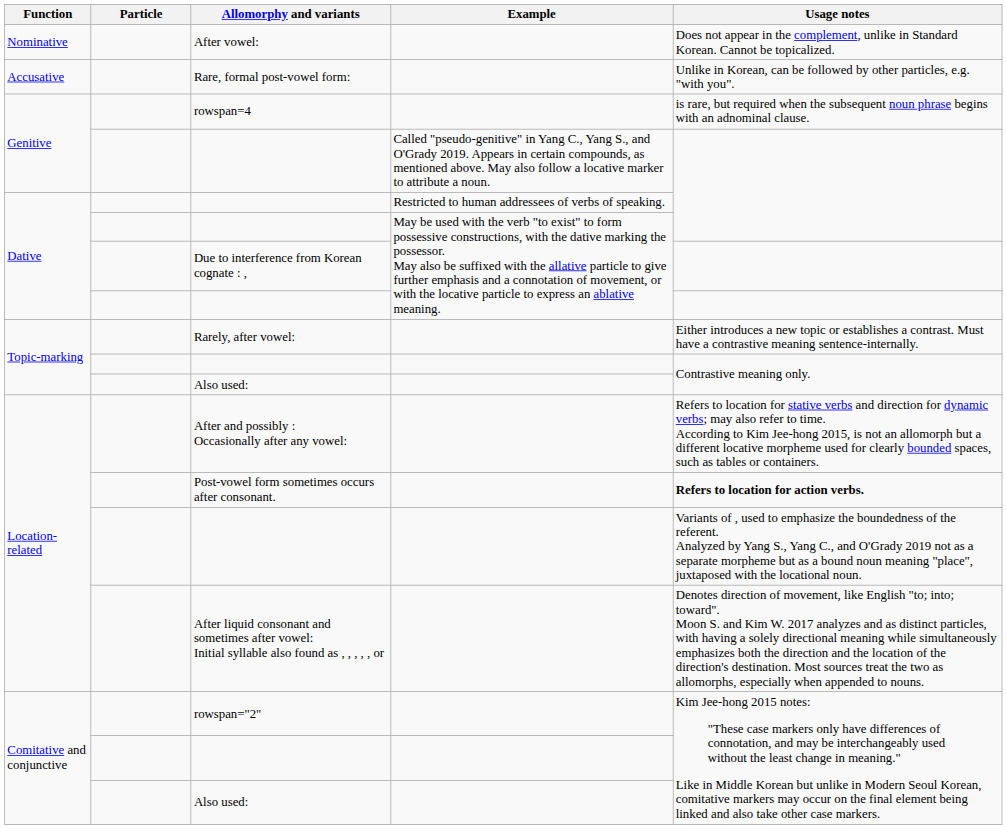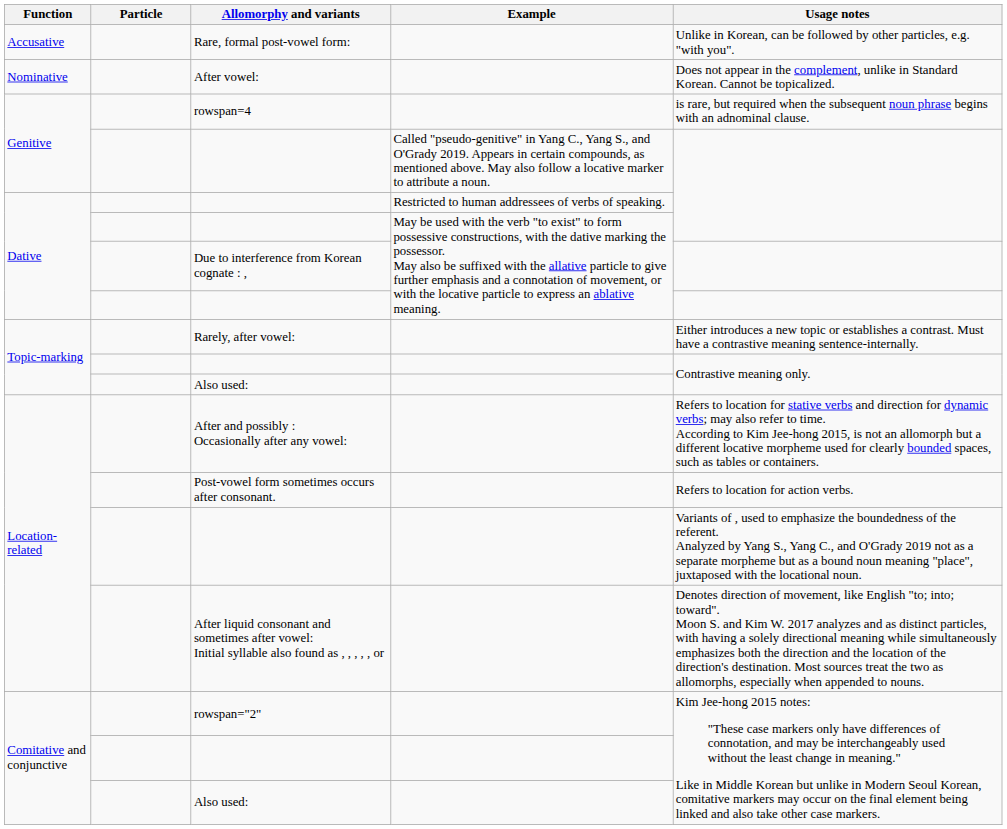 <table class="wikitable">
 <tr>
 <th>Function</th>
 <th style="width: 10%">Particle</th>
 <th style="width: 20%"><a href='#'>Allomorphy</a> and variants</th>
 <th>Example</th>
 <th style="width: 33%">Usage notes</th>
 </tr>
 <tr>
+<td><a href='#'>Accusative</a></td>
+<td><div> <br> </div></td>
+<td>Rare, formal post-vowel form:  </td>
+<td></td>
+<td>Unlike in Korean, can be followed by other particles, e.g.    "with you".</td>
+</tr>
+<tr>
 <td><a href='#'>Nominative</a></td>
 <td><div> <br> </div></td>
 <td>After vowel:  </td>
 <td></td>
 <td>Does not appear in the <a href='#'>complement</a>, unlike in Standard Korean. Cannot be topicalized.</td>
-</tr>
-<tr>
-<td><a href='#'>Accusative</a></td>
-<td><div> <br> </div></td>
-<td>Rare, formal post-vowel form:  </td>
-<td></td>
-<td>Unlike in Korean, can be followed by other particles, e.g.    "with you".</td>
 </tr>
 <tr>
 <td rowspan="2"><a href='#'>Genitive</a></td>
 <td><div><br></div></td>
 <td>rowspan=4 </td>
 <td></td>
 <td> is rare, but required when the subsequent <a href='#'>noun phrase</a> begins with an adnominal clause.</td>
 </tr>
 <tr>
 <td><div><br></div></td>
 <td></td>
 <td>Called "pseudo-genitive" in Yang C., Yang S., and O'Grady 2019. Appears in certain compounds, as mentioned above. May also follow a locative marker to attribute a noun.</td>
 </tr>
 <tr>
 <td rowspan="4"><a href='#'>Dative</a></td>
 <td><div><br></div></td>
 <td></td>
 <td>Restricted to human addressees of verbs of speaking.</td>
 </tr>
 <tr>
 <td><div><br></div></td>
 <td></td>
 <td rowspan="3">May be used with the verb   "to exist" to form possessive constructions, with the dative marking the possessor.<br>May also be suffixed with the <a href='#'>allative</a> particle  to give further emphasis and a connotation of movement, or with the locative particle  to express an <a href='#'>ablative</a> meaning.</td>
 </tr>
 <tr>
 <td><div><br></div></td>
 <td>Due to interference from Korean cognate  :  ,  </td>
 <td></td>
 </tr>
 <tr>
 <td><div><br></div></td>
 <td></td>
 <td></td>
 </tr>
 <tr>
 <td rowspan="3"><a href='#'>Topic-marking</a></td>
 <td><div><br></div></td>
 <td>Rarely, after vowel:  </td>
 <td></td>
 <td>Either introduces a new topic or establishes a contrast. Must have a contrastive meaning sentence-internally.</td>
 </tr>
 <tr>
 <td><div><br></div></td>
 <td></td>
 <td></td>
 <td rowspan="2">Contrastive meaning only.</td>
 </tr>
 <tr>
 <td><div><br></div></td>
 <td>Also used:  </td>
 <td></td>
 </tr>
 <tr>
 <td rowspan="4"><a href='#'>Location-related</a></td>
 <td><div><br></div></td>
 <td>After  and possibly :  <br>Occasionally after any vowel:  </td>
 <td></td>
 <td>Refers to location for <a href='#'>stative verbs</a> and direction for <a href='#'>dynamic verbs</a>; may also refer to time.<br>According to Kim Jee-hong 2015,  is not an allomorph but a different locative morpheme used for clearly <a href='#'>bounded</a> spaces, such as tables or containers.</td>
 </tr>
 <tr>
 <td><div><br></div></td>
 <td>Post-vowel form  sometimes occurs after consonant.</td>
 <td></td>
-<td><strong>Refers to location for action verbs.</strong></td>
+<td>Refers to location for action verbs.</td>
 </tr>
 <tr>
 <td><div><br></div></td>
 <td></td>
 <td></td>
 <td>Variants of ,  used to emphasize the boundedness of the referent.<br>Analyzed by Yang S., Yang C., and O'Grady 2019 not as a separate morpheme but as a bound noun meaning "place", juxtaposed with the locational noun.</td>
 </tr>
 <tr>
 <td><div><br></div></td>
 <td>After liquid consonant  and sometimes after vowel:  <br>Initial syllable  also found as , , , , , or </td>
 <td></td>
 <td>Denotes direction of movement, like English "to; into; toward".<br>Moon S. and Kim W. 2017 analyzes   and   as distinct particles, with  having a solely directional meaning while  simultaneously emphasizes both the direction and the location of the direction's destination. Most sources treat the two as allomorphs, especially when appended to nouns.</td>
 </tr>
 <tr>
 <td rowspan="3"><a href='#'>Comitative</a> and conjunctive</td>
 <td><div><br></div></td>
 <td>rowspan="2" </td>
 <td></td>
 <td rowspan="3">Kim Jee-hong 2015 notes:<br><blockquote>"These case markers only have differences of connotation, and may be interchangeably used without the least change in meaning." </blockquote> Like in Middle Korean but unlike in Modern Seoul Korean, comitative markers may occur on the final element being linked and also take other case markers.</td>
 </tr>
 <tr>
 <td><div><br></div></td>
 <td></td>
 </tr>
 <tr>
 <td><div><br></div></td>
 <td>Also used:  </td>
 <td></td>
 </tr>
 </table>
